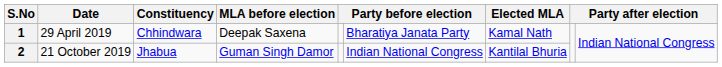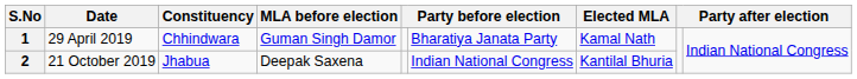 <table class="wikitable sortable">
 <tr>
 <th>S.No</th>
 <th>Date</th>
 <th>Constituency</th>
 <th>MLA before election</th>
 <th colspan="2">Party before election</th>
 <th>Elected MLA</th>
 <th colspan="2">Party after election</th>
 </tr>
 <tr>
 <th>1</th>
 <td>29 April 2019</td>
 <td><a href='#'>Chhindwara</a></td>
-<td>Deepak Saxena</td>
+<td><a href='#'>Guman Singh Damor</a></td>
 <td></td>
 <td><a href='#'>Bharatiya Janata Party</a></td>
 <td><a href='#'>Kamal Nath</a></td>
 <td rowspan="2"></td>
 <td rowspan="2"><a href='#'>Indian National Congress</a></td>
 </tr>
 <tr>
 <th>2</th>
 <td>21 October 2019</td>
 <td><a href='#'>Jhabua</a></td>
-<td><a href='#'>Guman Singh Damor</a></td>
+<td>Deepak Saxena</td>
 <td></td>
 <td><a href='#'>Indian National Congress</a></td>
 <td><a href='#'>Kantilal Bhuria</a></td>
 </tr>
 </table>
